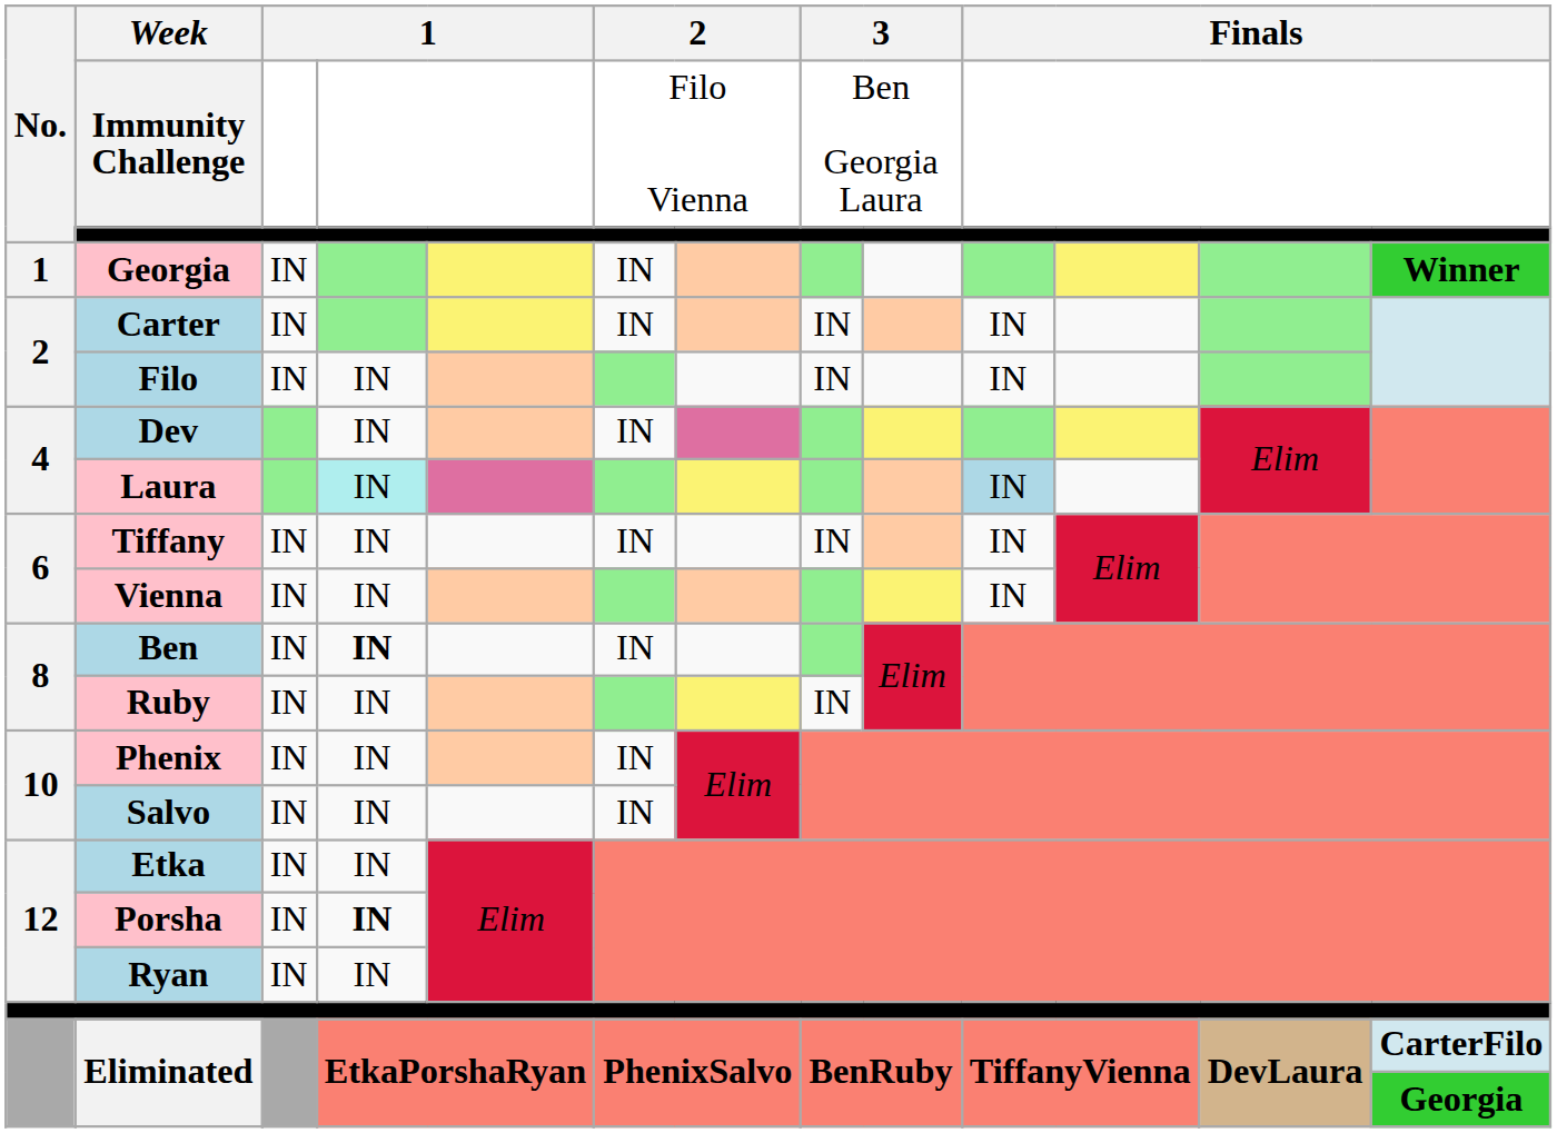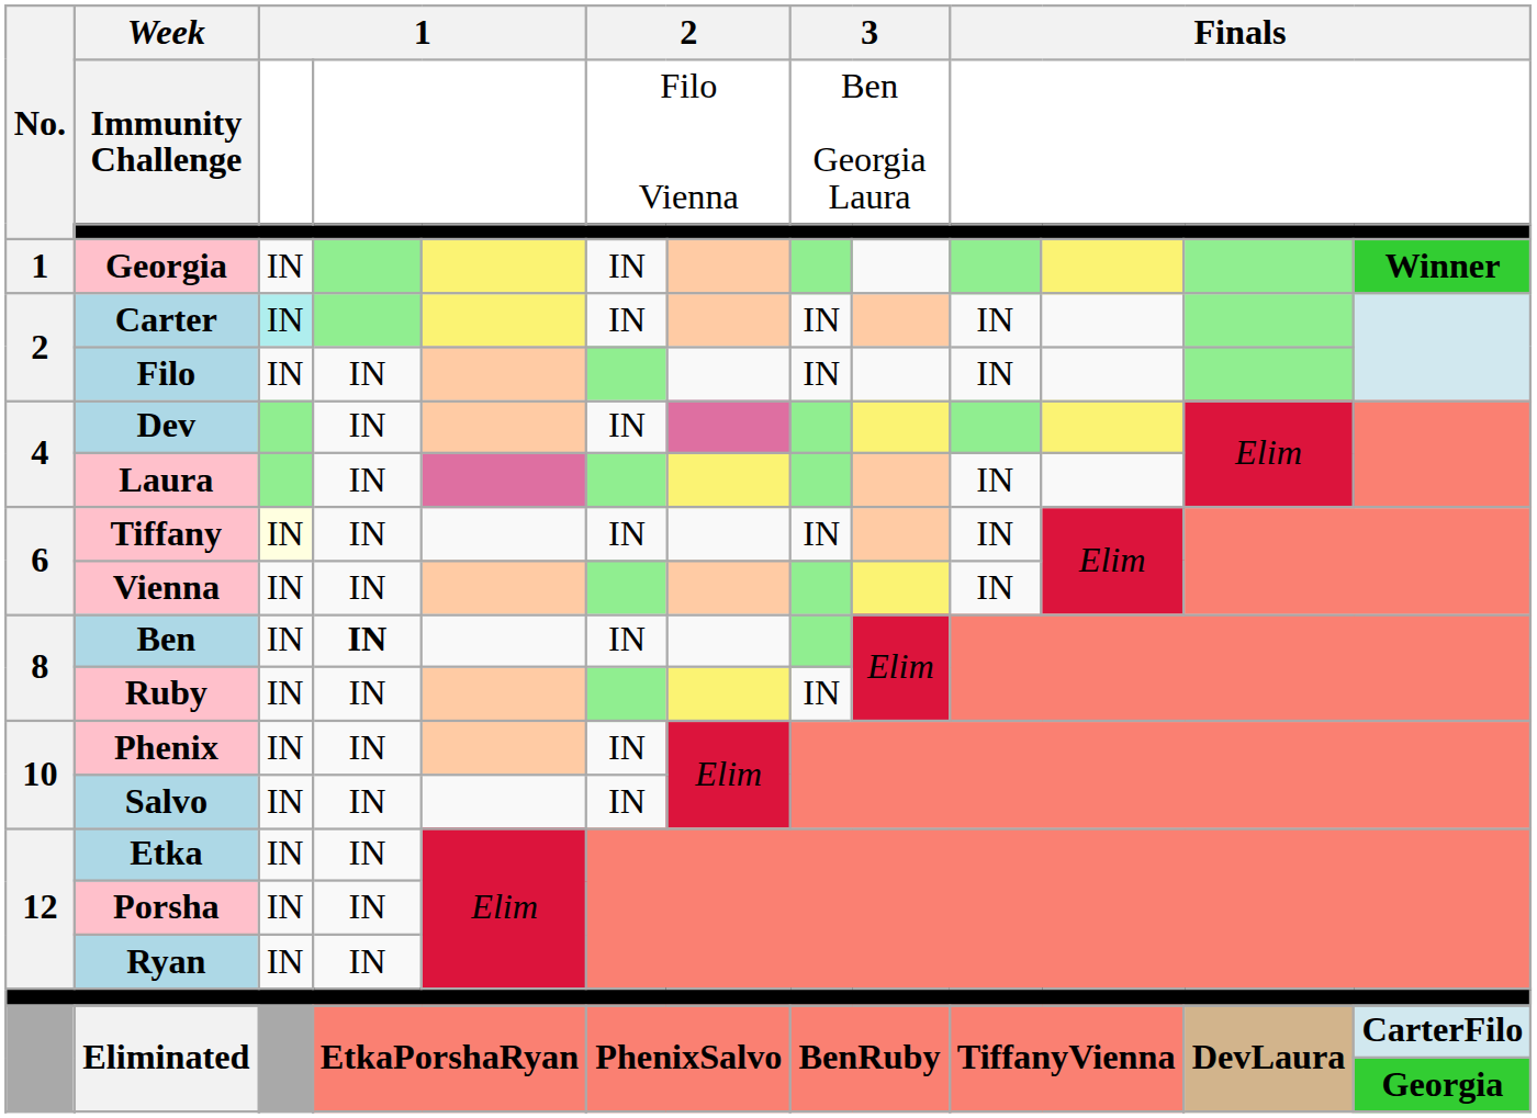 <table class="wikitable" style="text-align:center; width:120px; font-size:90%; line-height:15px">
 <tr>
 <th rowspan="3">No.</th>
 <th><em>Week</em></th>
 <th colspan=3>1</th>
 <th colspan=2>2</th>
 <th colspan=2>3</th>
 <th colspan=4>Finals</th>
 </tr>
 <tr>
 <th>Immunity<br>Challenge</th>
 <td Colspan="1" style="background:white;"><br><br></td>
 <td Colspan="2" style="background:white;"><br></td>
 <td Colspan="2" style="background:white;">Filo<br><br><br>Vienna</td>
 <td Colspan="2" style="background:white;">Ben<br><br>Georgia<br>Laura<br></td>
 <td colspan=4 style="background:white;"><br><br></td>
 </tr>
 <tr>
 <td Colspan="13" style="background:black;"></td>
 </tr>
 <tr>
 <th>1</th>
 <th style="background:pink">Georgia</th>
 <td>IN</td>
 <td style="background:lightgreen;"></td>
 <td style="background:#fbf373;"></td>
 <td>IN</td>
 <td style="background:#FFCBA4;"></td>
 <td style="background:lightgreen;"></td>
 <td></td>
 <td style="background:lightgreen;"></td>
 <td style="background:#fbf373;"></td>
 <td style="background:lightgreen;"></td>
 <td colspan="2" style="background:limegreen;"><strong>Winner</strong></td>
 </tr>
 <tr>
 <th rowspan="2">2</th>
 <th style="background:lightblue">Carter</th>
-<td>IN</td>
+<td style="background: paleturquoise;">IN</td>
 <td style="background:lightgreen;"></td>
 <td style="background:#fbf373;"></td>
 <td>IN</td>
 <td style="background:#FFCBA4;"></td>
 <td>IN</td>
 <td style="background:#FFCBA4;"></td>
 <td>IN</td>
 <td></td>
 <td style="background:lightgreen;"></td>
 <td colspan="2" style="background:#d1e8ef;" rowspan="2"></td>
 </tr>
 <tr>
 <th style="background:lightblue">Filo</th>
 <td>IN</td>
 <td>IN</td>
 <td style="background:#FFCBA4;"></td>
 <td style="background:lightgreen;"></td>
 <td></td>
 <td>IN</td>
 <td></td>
 <td>IN</td>
 <td></td>
 <td style="background:lightgreen;"></td>
 </tr>
 <tr>
 <th rowspan="2">4</th>
 <th style="background:lightblue">Dev</th>
 <td style="background:lightgreen;"></td>
 <td>IN</td>
 <td style="background:#FFCBA4;"></td>
 <td>IN</td>
 <td style="background:#de6fa1;"></td>
 <td style="background:lightgreen;"></td>
 <td style="background:#fbf373;"></td>
 <td style="background:lightgreen;"></td>
 <td style="background:#fbf373;"></td>
 <td rowspan="2" bgcolor="crimson"><em>Elim</em></td>
 <td rowspan=2 colspan=50 style="background:salmon;"></td>
 </tr>
 <tr>
 <th style="background:pink">Laura</th>
 <td style="background:lightgreen;"></td>
-<td style="background: paleturquoise;">IN</td>
+<td>IN</td>
 <td style="background:#de6fa1;"></td>
 <td style="background:lightgreen;"></td>
 <td style="background:#fbf373;"></td>
 <td style="background:lightgreen;"></td>
 <td style="background:#FFCBA4;"></td>
-<td style="background: lightblue;">IN</td>
+<td>IN</td>
 <td></td>
 </tr>
 <tr>
 <th rowspan="2">6</th>
 <th style="background:pink">Tiffany</th>
-<td>IN</td>
+<td style="background: lightyellow;">IN</td>
 <td>IN</td>
 <td></td>
 <td>IN</td>
 <td></td>
 <td>IN</td>
 <td style="background:#FFCBA4;"></td>
 <td>IN</td>
 <td rowspan="2" bgcolor="crimson"><em>Elim</em></td>
 <td rowspan=2 colspan=50 style="background:salmon;"></td>
 </tr>
 <tr>
 <th style="background:pink">Vienna</th>
 <td>IN</td>
 <td>IN</td>
 <td style="background:#FFCBA4;"></td>
 <td style="background:lightgreen;"></td>
 <td style="background:#FFCBA4;"></td>
 <td style="background:lightgreen;"></td>
 <td style="background:#fbf373;"></td>
 <td>IN</td>
 </tr>
 <tr>
 <th rowspan="2">8</th>
 <th style="background:lightblue">Ben</th>
 <td>IN</td>
 <td><strong>IN</strong></td>
 <td></td>
 <td>IN</td>
 <td></td>
 <td style="background:lightgreen;"></td>
 <td rowspan="2" bgcolor="crimson"><em>Elim</em></td>
 <td rowspan=2 colspan=50 style="background:salmon;"></td>
 </tr>
 <tr>
 <th style="background:pink">Ruby</th>
 <td>IN</td>
 <td>IN</td>
 <td style="background:#FFCBA4;"></td>
 <td style="background:lightgreen;"></td>
 <td style="background:#fbf373;"></td>
 <td>IN</td>
 </tr>
 <tr>
 <th rowspan="2">10</th>
 <th style="background:pink">Phenix</th>
 <td>IN</td>
 <td>IN</td>
 <td style="background:#FFCBA4;"></td>
 <td>IN</td>
 <td rowspan="2" bgcolor="crimson"><em>Elim</em></td>
 <td rowspan=2 colspan=50 style="background:salmon;"></td>
 </tr>
 <tr>
 <th style="background:lightblue">Salvo</th>
 <td>IN</td>
 <td>IN</td>
 <td></td>
 <td>IN</td>
 </tr>
 <tr>
 <th rowspan="3">12</th>
 <th style="background:lightblue">Etka</th>
 <td>IN</td>
 <td>IN</td>
 <td rowspan="3" bgcolor="crimson"><em>Elim</em></td>
 <td rowspan="3" colspan=50 style="background:salmon;"></td>
 </tr>
 <tr>
 <th style="background:pink">Porsha</th>
 <td>IN</td>
-<td><strong>IN</strong></td>
+<td>IN</td>
 </tr>
 <tr>
 <th style="background:lightblue">Ryan</th>
 <td>IN</td>
 <td>IN</td>
 </tr>
 <tr>
 <td colspan="50" style="background:black;"></td>
 </tr>
 <tr>
 <td rowspan="3" style="background:darkgray;"></td>
 <th rowspan="3">Eliminated</th>
 <td rowspan="3" style="background:darkgray;"></td>
 <td colspan=2 rowspan="3" style="background:salmon;"><strong>Etka</strong><strong>Porsha</strong><strong>Ryan</strong></td>
 <td colspan=2 rowspan="3" style="background:salmon;"><strong>Phenix</strong><strong>Salvo</strong></td>
 <td colspan=2 rowspan="3" style="background:salmon;"><strong>Ben</strong><strong>Ruby</strong></td>
 <td colspan=2 rowspan="3" style="background:salmon;"><strong>Tiffany</strong><strong>Vienna</strong></td>
 <td colspan=1 rowspan="3" style="background:tan;"><strong>Dev</strong><strong>Laura</strong></td>
 <td style="background:#d1e8ef;"><strong>Carter</strong><strong>Filo</strong></td>
 </tr>
 <tr>
 <td style="background:limegreen;"><strong>Georgia</strong></td>
 </tr>
 <tr>
 </tr>
 </table>
